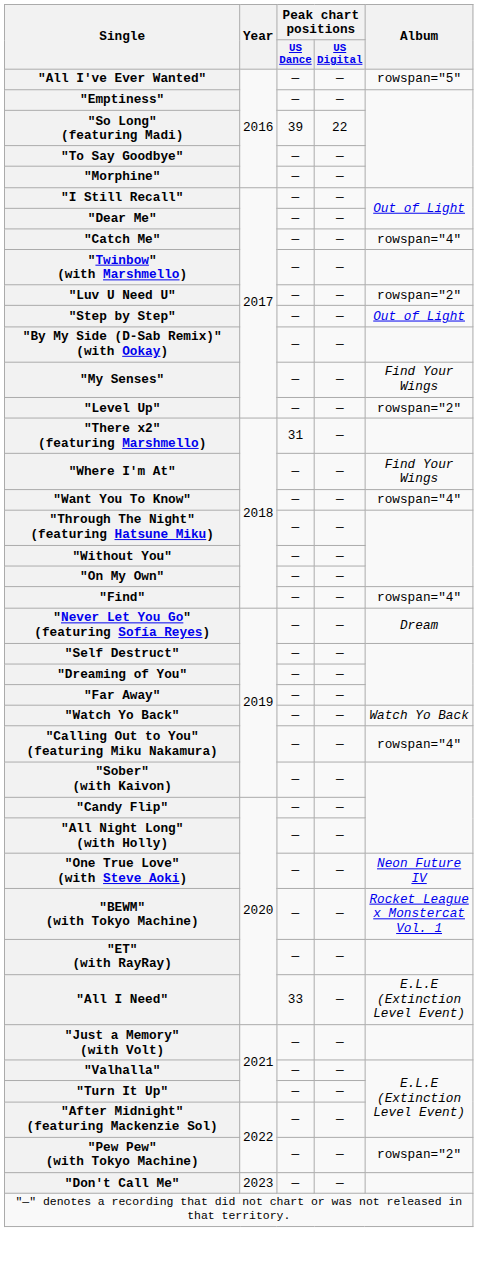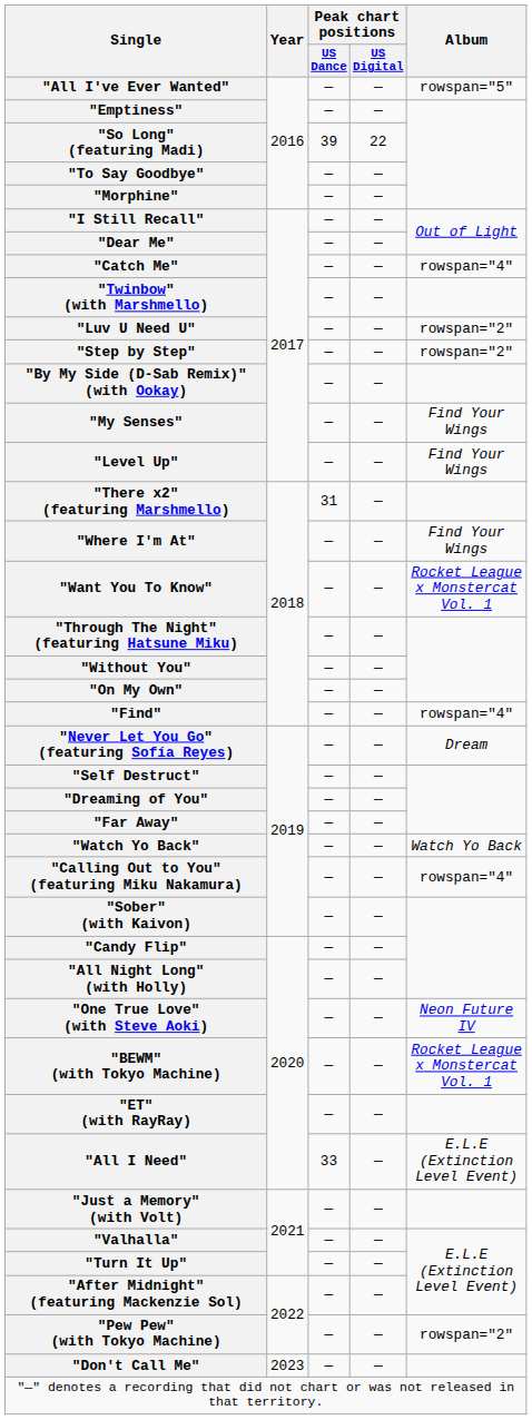 <table class="wikitable plainrowheaders" style="text-align:center;">
 <tr>
 <th rowspan="2" scope="col" style="width:18em;">Single</th>
 <th rowspan="2" scope="col" style="width:1em;">Year</th>
 <th colspan="2" scope="col">Peak chart positions</th>
 <th rowspan="2" scope="col" style="width:8em;">Album</th>
 </tr>
 <tr>
 <th scope="col" style="width:3em;font-size:85%;"><a href='#'>US<br>Dance</a><br></th>
 <th scope="col" style="width:3em;font-size:85%;"><a href='#'>US<br>Digital</a><br></th>
 </tr>
 <tr>
 <th scope="row">"All I've Ever Wanted"</th>
 <td rowspan="5">2016</td>
 <td>—</td>
 <td>—</td>
 <td>rowspan="5" </td>
 </tr>
 <tr>
 <th scope="row">"Emptiness"</th>
 <td>—</td>
 <td>—</td>
 </tr>
 <tr>
 <th scope="row">"So Long"<br><span>(featuring Madi)</span></th>
 <td>39</td>
 <td>22</td>
 </tr>
 <tr>
 <th scope="row">"To Say Goodbye"</th>
 <td>—</td>
 <td>—</td>
 </tr>
 <tr>
 <th scope="row">"Morphine"</th>
 <td>—</td>
 <td>—</td>
 </tr>
 <tr>
 <th scope="row">"I Still Recall"</th>
 <td rowspan="9">2017</td>
 <td>—</td>
 <td>—</td>
 <td rowspan="2"><em><a href='#'>Out of Light</a></em></td>
 </tr>
 <tr>
 <th scope="row">"Dear Me"</th>
 <td>—</td>
 <td>—</td>
 </tr>
 <tr>
 <th scope="row">"Catch Me"</th>
 <td>—</td>
 <td>—</td>
 <td>rowspan="4" </td>
 </tr>
 <tr>
 <th scope="row">"<a href='#'>Twinbow</a>" <br><span>(with <a href='#'>Marshmello</a>)</span></th>
 <td>—</td>
 <td>—</td>
 </tr>
 <tr>
 <th scope="row">"Luv U Need U"</th>
 <td>—</td>
 <td>—</td>
 <td>rowspan="2" </td>
 </tr>
 <tr>
 <th scope="row">"Step by Step"</th>
 <td>—</td>
 <td>—</td>
-<td><em><a href='#'>Out of Light</a></em></td>
+<td>rowspan="2" </td>
 </tr>
 <tr>
 <th scope="row">"By My Side (D-Sab Remix)"<br><span>(with <a href='#'>Ookay</a>)</span></th>
 <td>—</td>
 <td>—</td>
 <td></td>
 </tr>
 <tr>
 <th scope="row">"My Senses"</th>
 <td>—</td>
 <td>—</td>
 <td><em>Find Your Wings</em></td>
 </tr>
 <tr>
 <th scope="row">"Level Up"</th>
 <td>—</td>
 <td>—</td>
-<td>rowspan="2" </td>
+<td><em>Find Your Wings</em></td>
 </tr>
 <tr>
 <th scope="row">"There x2"<br><span>(featuring <a href='#'>Marshmello</a>)</span></th>
 <td rowspan="7">2018</td>
 <td>31</td>
 <td>—</td>
 <td></td>
 </tr>
 <tr>
 <th scope="row">"Where I'm At"</th>
 <td>—</td>
 <td>—</td>
 <td><em>Find Your Wings</em></td>
 </tr>
 <tr>
 <th scope="row">"Want You To Know"</th>
 <td>—</td>
 <td>—</td>
-<td>rowspan="4" </td>
+<td><em><a href='#'>Rocket League x Monstercat Vol. 1</a></em></td>
 </tr>
 <tr>
 <th scope="row">"Through The Night" <br><span>(featuring <a href='#'>Hatsune Miku</a>)</span></th>
 <td>—</td>
 <td>—</td>
 </tr>
 <tr>
 <th scope="row">"Without You"</th>
 <td>—</td>
 <td>—</td>
 </tr>
 <tr>
 <th scope="row">"On My Own"</th>
 <td>—</td>
 <td>—</td>
 </tr>
 <tr>
 <th scope="row">"Find"</th>
 <td>—</td>
 <td>—</td>
 <td>rowspan="4"</td>
 </tr>
 <tr>
 <th scope="row">"<a href='#'>Never Let You Go</a>" <br><span>(featuring <a href='#'>Sofía Reyes</a>)</span></th>
 <td rowspan="7">2019</td>
 <td>—</td>
 <td>—</td>
 <td><em>Dream</em></td>
 </tr>
 <tr>
 <th scope="row">"Self Destruct"</th>
 <td>—</td>
 <td>—</td>
 </tr>
 <tr>
 <th scope="row">"Dreaming of You"</th>
 <td>—</td>
 <td>—</td>
 </tr>
 <tr>
 <th scope="row">"Far Away"</th>
 <td>—</td>
 <td>—</td>
 </tr>
 <tr>
 <th scope="row">"Watch Yo Back"</th>
 <td>—</td>
 <td>—</td>
 <td><em>Watch Yo Back</em></td>
 </tr>
 <tr>
 <th scope="row">"Calling Out to You" <br><span>(featuring Miku Nakamura)</span></th>
 <td>—</td>
 <td>—</td>
 <td>rowspan="4" </td>
 </tr>
 <tr>
 <th scope="row">"Sober" <br><span>(with Kaivon)</span></th>
 <td>—</td>
 <td>—</td>
 </tr>
 <tr>
 <th scope="row">"Candy Flip"</th>
 <td rowspan="6">2020</td>
 <td>—</td>
 <td>—</td>
 </tr>
 <tr>
 <th scope="row">"All Night Long" <br><span>(with Holly)</span></th>
 <td>—</td>
 <td>—</td>
 </tr>
 <tr>
 <th scope="row">"One True Love" <br><span>(with <a href='#'>Steve Aoki</a>)</span></th>
 <td>—</td>
 <td>—</td>
 <td><em><a href='#'>Neon Future IV</a></em></td>
 </tr>
 <tr>
 <th scope="row">"BEWM" <br><span>(with Tokyo Machine)</span></th>
 <td>—</td>
 <td>—</td>
 <td><em><a href='#'>Rocket League x Monstercat Vol. 1</a></em></td>
 </tr>
 <tr>
 <th scope="row">"ET" <br><span>(with RayRay)</span></th>
 <td>—</td>
 <td>—</td>
 </tr>
 <tr>
 <th scope="row">"All I Need"</th>
 <td>33</td>
 <td>—</td>
 <td><em>E.L.E (Extinction Level Event)</em></td>
 </tr>
 <tr>
 <th scope="row">"Just a Memory" <br><span>(with Volt)</span></th>
 <td rowspan="3">2021</td>
 <td>—</td>
 <td>—</td>
 <td></td>
 </tr>
 <tr>
 <th scope="row">"Valhalla"</th>
 <td>—</td>
 <td>—</td>
 <td rowspan="3"><em>E.L.E (Extinction Level Event)</em></td>
 </tr>
 <tr>
 <th scope="row">"Turn It Up"</th>
 <td>—</td>
 <td>—</td>
 </tr>
 <tr>
 <th scope="row">"After Midnight"<br><span>(featuring Mackenzie Sol)</span></th>
 <td rowspan="2">2022</td>
 <td>—</td>
 <td>—</td>
 </tr>
 <tr>
 <th scope="row">"Pew Pew"<br><span>(with Tokyo Machine)</span></th>
 <td>—</td>
 <td>—</td>
 <td>rowspan="2" </td>
 </tr>
 <tr>
 <th scope="row">"Don't Call Me"<br></th>
 <td>2023</td>
 <td>—</td>
 <td>—</td>
 </tr>
 <tr>
 <td colspan="5" style="font-size:90%">"—" denotes a recording that did not chart or was not released in that territory.</td>
 </tr>
 </table>
